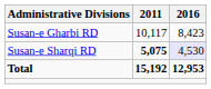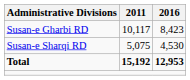 <table class="wikitable">
 <tr>
 <th>Administrative Divisions</th>
 <th>2011</th>
 <th>2016</th>
 </tr>
 <tr>
 <td><a href='#'>Susan-e Gharbi RD</a></td>
 <td style="text-align: right;">10,117</td>
 <td style="text-align: right;">8,423</td>
 </tr>
 <tr>
 <td><a href='#'>Susan-e Sharqi RD</a></td>
-<td style="text-align: right;"><strong>5,075</strong></td>
-<td style="background: lavender; text-align: right;">4,530</td>
+<td style="text-align: right;">5,075</td>
+<td style="text-align: right;">4,530</td>
 </tr>
 <tr>
 <td><strong>Total</strong></td>
 <td style="text-align: right;"><strong>15,192</strong></td>
 <td style="text-align: right;"><strong>12,953</strong></td>
 </tr>
 <tr>
 <td colspan=4></td>
 </tr>
 </table>
